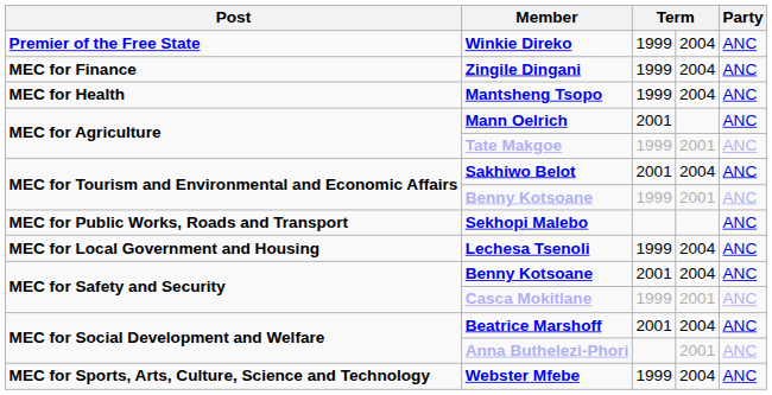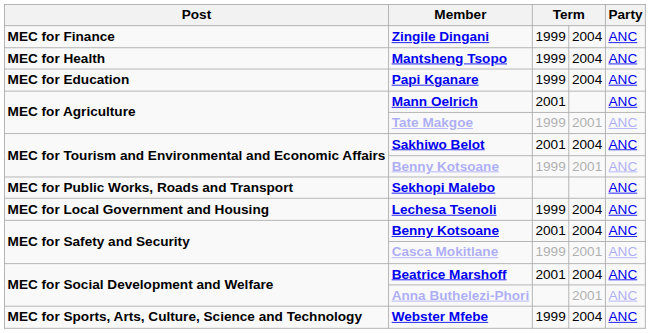 <table class="wikitable">
 <tr>
 <th>Post</th>
 <th>Member</th>
 <th colspan="2">Term</th>
 <th>Party</th>
-</tr>
-<tr>
-<td><strong><a href='#'>Premier of the Free State</a></strong></td>
-<td><strong><a href='#'>Winkie Direko</a></strong></td>
-<td>1999</td>
-<td>2004</td>
-<td><a href='#'>ANC</a></td>
 </tr>
 <tr>
 <td><strong>MEC for Finance</strong></td>
 <td><strong><a href='#'>Zingile Dingani</a></strong></td>
 <td>1999</td>
 <td>2004</td>
 <td><a href='#'>ANC</a></td>
 </tr>
 <tr>
 <td><strong>MEC for Health</strong></td>
 <td><strong><a href='#'>Mantsheng Tsopo</a></strong></td>
+<td>1999</td>
+<td>2004</td>
+<td><a href='#'>ANC</a></td>
+</tr>
+<tr>
+<td><strong>MEC for Education</strong></td>
+<td><a href='#'><strong>Papi Kganare</strong></a></td>
 <td>1999</td>
 <td>2004</td>
 <td><a href='#'>ANC</a></td>
 </tr>
 <tr>
 <td rowspan="2"><strong>MEC for Agriculture</strong></td>
 <td><strong><a href='#'>Mann Oelrich</a></strong></td>
 <td>2001</td>
 <td></td>
 <td><a href='#'>ANC</a></td>
 </tr>
 <tr style="opacity:.3;">
 <td><strong><a href='#'>Tate Makgoe</a></strong></td>
 <td>1999</td>
 <td>2001</td>
 <td><a href='#'>ANC</a></td>
 </tr>
 <tr>
 <td rowspan="2"><strong>MEC for Tourism and Environmental and Economic Affairs</strong></td>
 <td><strong><a href='#'>Sakhiwo Belot</a></strong></td>
 <td>2001</td>
 <td>2004</td>
 <td><a href='#'>ANC</a></td>
 </tr>
 <tr style="opacity:.3;">
 <td><strong><a href='#'>Benny Kotsoane</a></strong></td>
 <td>1999</td>
 <td>2001</td>
 <td><a href='#'>ANC</a></td>
 </tr>
 <tr>
 <td><strong>MEC for Public Works, Roads and Transport</strong></td>
 <td><strong><a href='#'>Sekhopi Malebo</a></strong></td>
 <td></td>
 <td></td>
 <td><a href='#'>ANC</a></td>
 </tr>
 <tr>
 <td><strong>MEC for Local Government and Housing</strong></td>
 <td><strong><a href='#'>Lechesa Tsenoli</a></strong></td>
 <td>1999</td>
 <td>2004</td>
 <td><a href='#'>ANC</a></td>
 </tr>
 <tr>
 <td rowspan="2"><strong>MEC for Safety and Security</strong></td>
 <td><strong><a href='#'>Benny Kotsoane</a></strong></td>
 <td>2001</td>
 <td>2004</td>
 <td><a href='#'>ANC</a></td>
 </tr>
 <tr style="opacity:.3;">
 <td><strong><a href='#'>Casca Mokitlane</a></strong></td>
 <td>1999</td>
 <td>2001</td>
 <td><a href='#'>ANC</a></td>
 </tr>
 <tr>
 <td rowspan="2"><strong>MEC for Social Development and Welfare</strong></td>
 <td><strong><a href='#'>Beatrice Marshoff</a></strong></td>
 <td>2001</td>
 <td>2004</td>
 <td><a href='#'>ANC</a></td>
 </tr>
 <tr style="opacity:.3;">
 <td><strong><a href='#'>Anna Buthelezi-Phori</a></strong></td>
 <td></td>
 <td>2001</td>
 <td><a href='#'>ANC</a></td>
 </tr>
 <tr>
 <td><strong>MEC for Sports, Arts, Culture, Science and Technology</strong></td>
 <td><strong><a href='#'>Webster Mfebe</a></strong></td>
 <td>1999</td>
 <td>2004</td>
 <td><a href='#'>ANC</a></td>
 </tr>
 </table>
